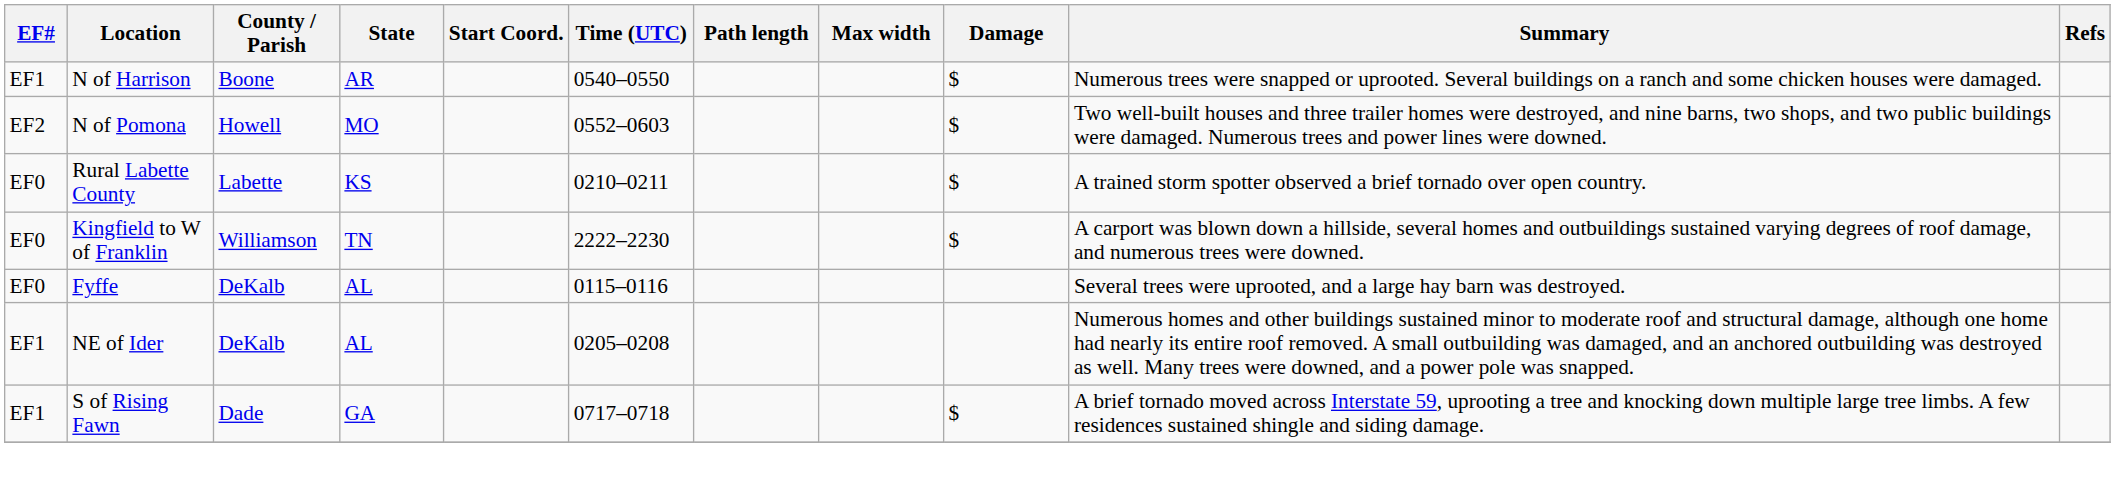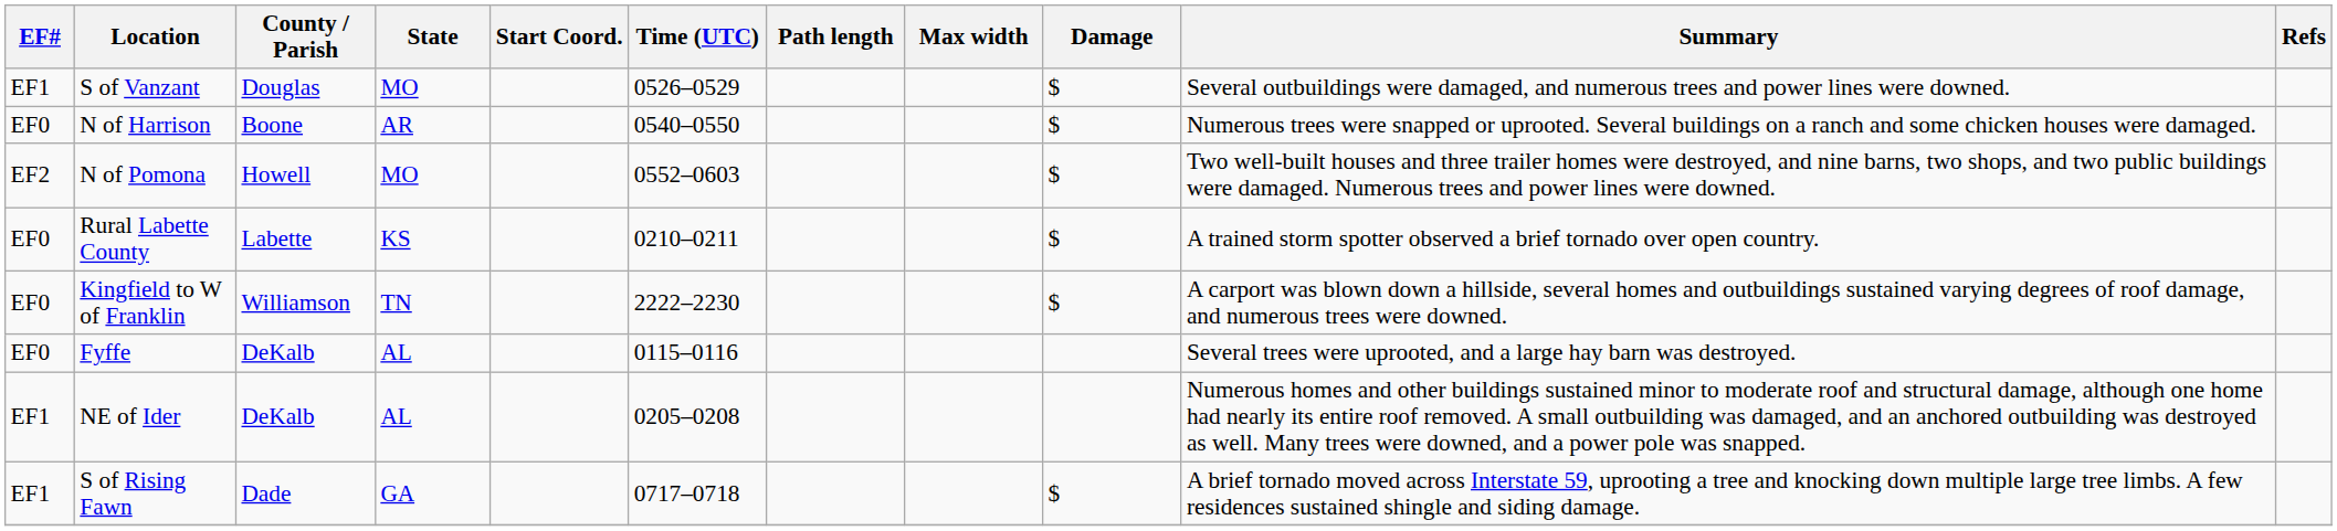 <table class="wikitable sortable" style="width:100%;">
 <tr>
 <th scope="col" width="3%" align="center"><a href='#'>EF#</a></th>
 <th scope="col" width="7%" align="center" class="unsortable">Location</th>
 <th scope="col" width="6%" align="center" class="unsortable">County / Parish</th>
 <th scope="col" width="5%" align="center">State</th>
 <th scope="col" width="6%" align="center">Start Coord.</th>
 <th scope="col" width="6%" align="center">Time (<a href='#'>UTC</a>)</th>
 <th scope="col" width="6%" align="center">Path length</th>
 <th scope="col" width="6%" align="center">Max width</th>
 <th scope="col" width="6%" align="center">Damage</th>
 <th scope="col" width="48%" class="unsortable" align="center">Summary</th>
 <th scope="col" width="48%" class="unsortable" align="center">Refs</th>
 </tr>
 <tr>
 <td>EF1</td>
+<td>S of <a href='#'>Vanzant</a></td>
+<td><a href='#'>Douglas</a></td>
+<td><a href='#'>MO</a></td>
+<td></td>
+<td>0526–0529</td>
+<td></td>
+<td></td>
+<td>$</td>
+<td>Several outbuildings were damaged, and numerous trees and power lines were downed.</td>
+<td></td>
+</tr>
+<tr>
+<td>EF0</td>
 <td>N of <a href='#'>Harrison</a></td>
 <td><a href='#'>Boone</a></td>
 <td><a href='#'>AR</a></td>
 <td></td>
 <td>0540–0550</td>
 <td></td>
 <td></td>
 <td>$</td>
 <td>Numerous trees were snapped or uprooted. Several buildings on a ranch and some chicken houses were damaged.</td>
 <td></td>
 </tr>
 <tr>
 <td>EF2</td>
 <td>N of <a href='#'>Pomona</a></td>
 <td><a href='#'>Howell</a></td>
 <td><a href='#'>MO</a></td>
 <td></td>
 <td>0552–0603</td>
 <td></td>
 <td></td>
 <td>$</td>
 <td>Two well-built houses and three trailer homes were destroyed, and nine barns, two shops, and two public buildings were damaged. Numerous trees and power lines were downed.</td>
 <td></td>
 </tr>
 <tr>
 <td>EF0</td>
 <td>Rural <a href='#'>Labette County</a></td>
 <td><a href='#'>Labette</a></td>
 <td><a href='#'>KS</a></td>
 <td></td>
 <td>0210–0211</td>
 <td></td>
 <td></td>
 <td>$</td>
 <td>A trained storm spotter observed a brief tornado over open country.</td>
 <td></td>
 </tr>
 <tr>
 <td>EF0</td>
 <td><a href='#'>Kingfield</a> to W of <a href='#'>Franklin</a></td>
 <td><a href='#'>Williamson</a></td>
 <td><a href='#'>TN</a></td>
 <td></td>
 <td>2222–2230</td>
 <td></td>
 <td></td>
 <td>$</td>
 <td>A carport was blown down a hillside, several homes and outbuildings sustained varying degrees of roof damage, and numerous trees were downed.</td>
 <td></td>
 </tr>
 <tr>
 <td>EF0</td>
 <td><a href='#'>Fyffe</a></td>
 <td><a href='#'>DeKalb</a></td>
 <td><a href='#'>AL</a></td>
 <td></td>
 <td>0115–0116</td>
 <td></td>
 <td></td>
 <td></td>
 <td>Several trees were uprooted, and a large hay barn was destroyed.</td>
 <td></td>
 </tr>
 <tr>
 <td>EF1</td>
 <td>NE of <a href='#'>Ider</a></td>
 <td><a href='#'>DeKalb</a></td>
 <td><a href='#'>AL</a></td>
 <td></td>
 <td>0205–0208</td>
 <td></td>
 <td></td>
 <td></td>
 <td>Numerous homes and other buildings sustained minor to moderate roof and structural damage, although one home had nearly its entire roof removed. A small outbuilding was damaged, and an anchored outbuilding was destroyed as well. Many trees were downed, and a power pole was snapped.</td>
 <td></td>
 </tr>
 <tr>
 <td>EF1</td>
 <td>S of <a href='#'>Rising Fawn</a></td>
 <td><a href='#'>Dade</a></td>
 <td><a href='#'>GA</a></td>
 <td></td>
 <td>0717–0718</td>
 <td></td>
 <td></td>
 <td>$</td>
 <td>A brief tornado moved across <a href='#'>Interstate 59</a>, uprooting a tree and knocking down multiple large tree limbs. A few residences sustained shingle and siding damage.</td>
 <td></td>
 </tr>
 <tr>
 </tr>
 </table>
